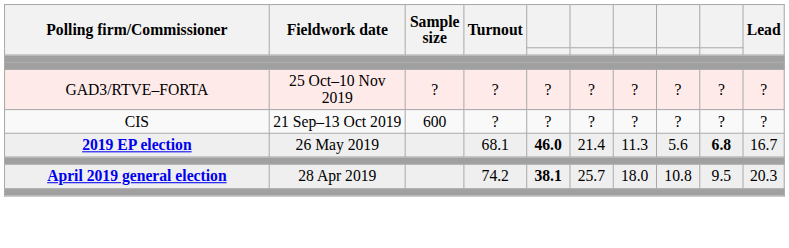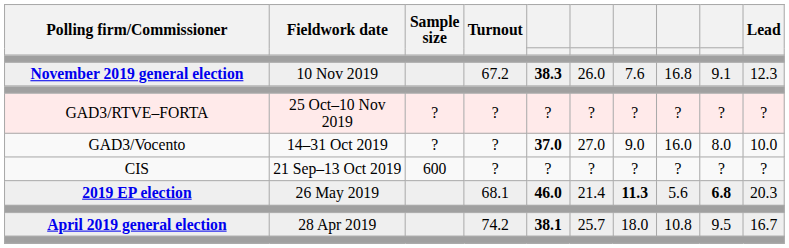 <table class="wikitable collapsible collapsed" style="text-align:center; font-size:95%; line-height:16px;">
 <tr style="height:42px;">
 <th style="width:250px;" rowspan="2">Polling firm/Commissioner</th>
 <th style="width:125px;" rowspan="2">Fieldwork date</th>
 <th style="width:50px;" rowspan="2">Sample size</th>
 <th style="width:45px;" rowspan="2">Turnout</th>
 <th style="width:35px;"></th>
 <th style="width:35px;"></th>
 <th style="width:35px;"></th>
 <th style="width:35px;"></th>
 <th style="width:35px;"></th>
 <th style="width:30px;" rowspan="2">Lead</th>
 </tr>
 <tr>
 <th style="color:inherit;background:"></th>
 <th style="color:inherit;background:"></th>
 <th style="color:inherit;background:"></th>
 <th style="color:inherit;background:"></th>
 <th style="color:inherit;background:"></th>
 </tr>
 <tr>
 <td colspan="10" style="background:#A0A0A0"></td>
 </tr>
+<tr style="background:#EFEFEF;">
+<td><strong><a href='#'>November 2019 general election</a></strong></td>
+<td>10 Nov 2019</td>
+<td></td>
+<td>67.2</td>
+<td><strong>38.3</strong><br></td>
+<td>26.0<br></td>
+<td>7.6<br></td>
+<td>16.8<br></td>
+<td>9.1<br></td>
+<td style="background:">12.3</td>
+</tr>
 <tr>
 <td colspan="10" style="background:#A0A0A0"></td>
 </tr>
 <tr style="background:#FFEAEA;">
 <td>GAD3/RTVE–FORTA</td>
 <td>25 Oct–10 Nov 2019</td>
 <td>?</td>
 <td>?</td>
 <td>?<br></td>
 <td>?<br></td>
 <td>?<br></td>
 <td>?<br></td>
 <td>?<br></td>
 <td style="background:">?</td>
+</tr>
+<tr>
+<td>GAD3/Vocento</td>
+<td>14–31 Oct 2019</td>
+<td>?</td>
+<td>?</td>
+<td><strong>37.0</strong><br></td>
+<td>27.0<br></td>
+<td>9.0<br></td>
+<td>16.0<br></td>
+<td>8.0<br></td>
+<td style="background:">10.0</td>
 </tr>
 <tr>
 <td>CIS</td>
 <td>21 Sep–13 Oct 2019</td>
 <td>600</td>
 <td>?</td>
 <td>?<br></td>
 <td>?<br></td>
 <td>?<br></td>
 <td>?<br></td>
 <td>?<br></td>
 <td style="background:">?</td>
 </tr>
 <tr style="background:#EFEFEF;">
 <td><strong><a href='#'>2019 EP election</a></strong></td>
 <td>26 May 2019</td>
 <td></td>
 <td>68.1</td>
 <td><strong>46.0</strong><br></td>
 <td>21.4<br></td>
-<td>11.3<br></td>
+<td><strong>11.3<br></strong></td>
 <td>5.6<br></td>
 <td><strong>6.8<br></strong></td>
-<td style="background:">16.7</td>
+<td style="background:">20.3</td>
 </tr>
 <tr>
 <td colspan="10" style="background:#A0A0A0"></td>
 </tr>
 <tr style="background:#EFEFEF;">
 <td><strong><a href='#'>April 2019 general election</a></strong></td>
 <td>28 Apr 2019</td>
 <td></td>
 <td>74.2</td>
 <td><strong>38.1</strong><br></td>
 <td>25.7<br></td>
 <td>18.0<br></td>
 <td>10.8<br></td>
 <td>9.5<br></td>
-<td style="background:">20.3</td>
+<td style="background:">16.7</td>
 </tr>
 <tr>
 <td colspan="10" style="background:#A0A0A0"></td>
 </tr>
 </table>
